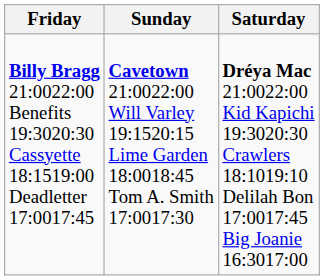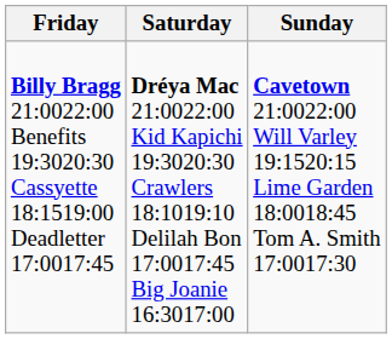 <table class="wikitable">
 <tr>
 <th>Friday</th>
+<th>Saturday</th>
 <th>Sunday</th>
-<th>Saturday</th>
 </tr>
 <tr valign="top">
 <td><br><strong><a href='#'>Billy Bragg</a></strong> <br>21:0022:00 <br>Benefits <br>19:3020:30 <br><a href='#'>Cassyette</a> <br>18:1519:00 <br>Deadletter <br>17:0017:45</td>
+<td><br><strong>Dréya Mac</strong> <br>21:0022:00 <br><a href='#'>Kid Kapichi</a> <br>19:3020:30 <br><a href='#'>Crawlers</a> <br>18:1019:10 <br>Delilah Bon <br>17:0017:45 <br><a href='#'>Big Joanie</a> <br>16:3017:00</td>
 <td><br><strong><a href='#'>Cavetown</a></strong> <br>21:0022:00 <br><a href='#'>Will Varley</a> <br>19:1520:15 <br><a href='#'>Lime Garden</a> <br>18:0018:45 <br>Tom A. Smith <br>17:0017:30</td>
-<td><br><strong>Dréya Mac</strong> <br>21:0022:00 <br><a href='#'>Kid Kapichi</a> <br>19:3020:30 <br><a href='#'>Crawlers</a> <br>18:1019:10 <br>Delilah Bon <br>17:0017:45 <br><a href='#'>Big Joanie</a> <br>16:3017:00</td>
 </tr>
 </table>
